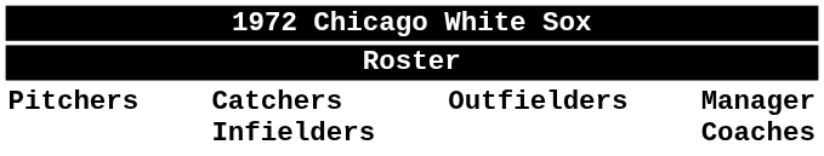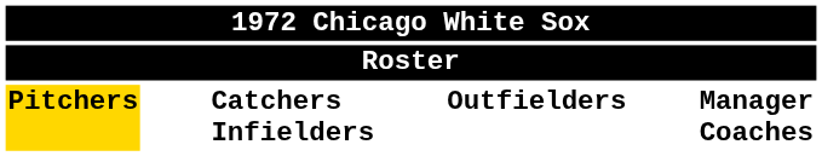 <table class="toccolours" style="font-size: 95%;">
 <tr>
 <th colspan="10" style="background-color: black; color: white; text-align: center;">1972 Chicago White Sox</th>
 </tr>
 <tr>
 <td colspan="10" style="background-color: black; color: white; text-align: center;"><strong>Roster</strong></td>
 </tr>
 <tr>
-<td valign="top"><strong>Pitchers</strong><br>                </td>
+<td valign="top" style="background: gold;"><strong>Pitchers</strong><br>                </td>
 <td width="25px"></td>
 <td valign="top"><strong>Catchers</strong><br>   <strong>Infielders</strong>           </td>
 <td width="25px"></td>
 <td valign="top"><strong>Outfielders</strong><br>        </td>
 <td width="25px"></td>
 <td valign="top"><strong>Manager</strong><br> <strong>Coaches</strong>    </td>
 </tr>
 </table>
